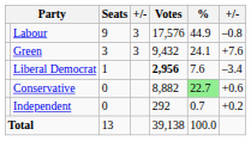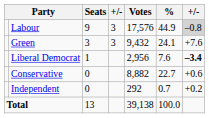 <table class="wikitable sortable">
 <tr>
 <th colspan="2">Party</th>
 <th>Seats</th>
 <th>+/-</th>
 <th>Votes</th>
 <th>%</th>
 <th>+/-</th>
 </tr>
 <tr>
 <td style="background-color: "></td>
 <td><a href='#'>Labour</a></td>
 <td>9</td>
 <td> 3</td>
 <td>17,576</td>
 <td>44.9</td>
-<td>–0.8</td>
+<td style="background: lightgrey;">–0.8</td>
 </tr>
 <tr>
 <td style="background-color: "></td>
 <td><a href='#'>Green</a></td>
 <td>3</td>
 <td> 3</td>
 <td>9,432</td>
 <td>24.1</td>
 <td>+7.6</td>
 </tr>
 <tr>
 <td style="background-color: "></td>
 <td><a href='#'>Liberal Democrat</a></td>
 <td>1</td>
 <td></td>
-<td><strong>2,956</strong></td>
+<td>2,956</td>
 <td>7.6</td>
-<td>–3.4</td>
+<td><strong>–3.4</strong></td>
 </tr>
 <tr>
 <td style="background-color: "></td>
 <td><a href='#'>Conservative</a></td>
 <td>0</td>
 <td></td>
 <td>8,882</td>
-<td style="background: lightgreen;">22.7</td>
+<td>22.7</td>
 <td>+0.6</td>
 </tr>
 <tr>
 <td style="background-color: "></td>
 <td><a href='#'>Independent</a></td>
 <td>0</td>
 <td></td>
 <td>292</td>
 <td>0.7</td>
 <td>+0.2</td>
 </tr>
 <tr>
 <td colspan="2"><strong>Total</strong></td>
 <td>13</td>
 <td></td>
 <td>39,138</td>
 <td>100.0</td>
 <td></td>
 </tr>
 </table>
